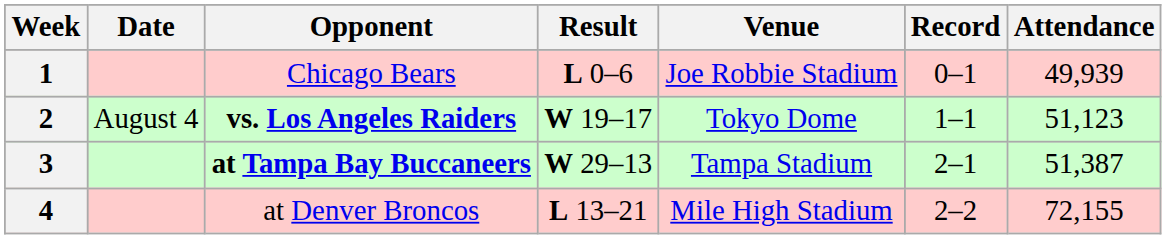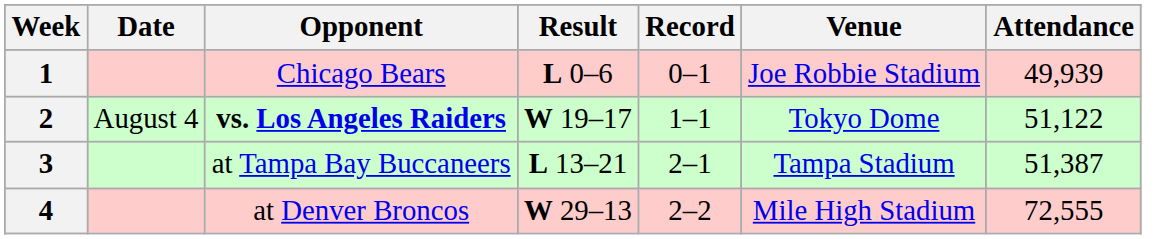 <table class="wikitable" style="text-align:center">
 <tr>
 <th>Week</th>
 <th>Date</th>
 <th>Opponent</th>
 <th>Result</th>
+<th>Record</th>
 <th>Venue</th>
-<th>Record</th>
 <th>Attendance</th>
 </tr>
 <tr style="background:#fcc">
 <th>1</th>
 <td></td>
 <td><a href='#'>Chicago Bears</a></td>
 <td><strong>L</strong> 0–6</td>
+<td>0–1</td>
 <td><a href='#'>Joe Robbie Stadium</a></td>
-<td>0–1</td>
 <td>49,939</td>
 </tr>
 <tr style="background:#cfc">
 <th>2</th>
 <td>August 4</td>
 <td><strong>vs. <a href='#'>Los Angeles Raiders</a></strong></td>
 <td><strong>W</strong> 19–17</td>
+<td>1–1</td>
 <td><a href='#'>Tokyo Dome</a></td>
-<td>1–1</td>
-<td>51,123</td>
+<td>51,122</td>
 </tr>
 <tr style="background:#cfc">
 <th>3</th>
 <td></td>
-<td><strong>at <a href='#'>Tampa Bay Buccaneers</a></strong></td>
-<td><strong>W</strong> 29–13</td>
+<td>at <a href='#'>Tampa Bay Buccaneers</a></td>
+<td><strong>L</strong> 13–21</td>
+<td>2–1</td>
 <td><a href='#'>Tampa Stadium</a></td>
-<td>2–1</td>
 <td>51,387</td>
 </tr>
 <tr style="background:#fcc">
 <th>4</th>
 <td></td>
 <td>at <a href='#'>Denver Broncos</a></td>
-<td><strong>L</strong> 13–21</td>
+<td><strong>W</strong> 29–13</td>
+<td>2–2</td>
 <td><a href='#'>Mile High Stadium</a></td>
-<td>2–2</td>
-<td>72,155</td>
+<td>72,555</td>
 </tr>
 </table>
